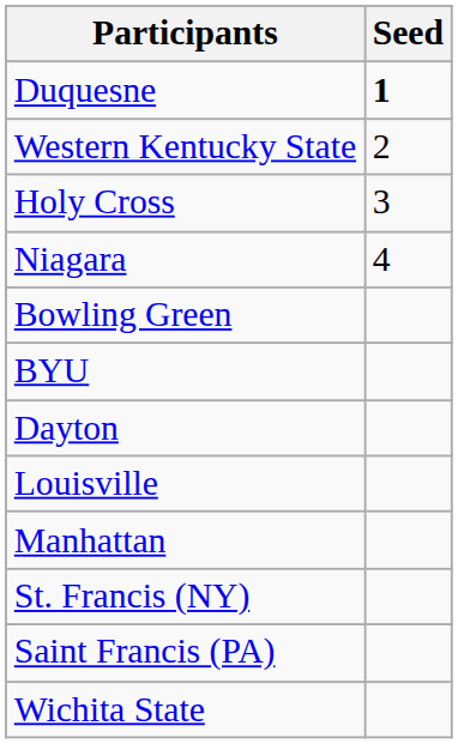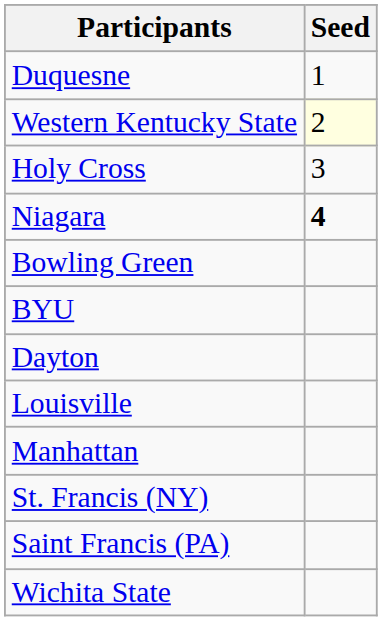 <table class="wikitable">
 <tr>
 <th>Participants</th>
 <th>Seed</th>
 </tr>
 <tr>
 <td><a href='#'>Duquesne</a></td>
-<td><strong>1</strong></td>
+<td>1</td>
 </tr>
 <tr>
 <td><a href='#'>Western Kentucky State</a></td>
-<td>2</td>
+<td style="background: lightyellow;">2</td>
 </tr>
 <tr>
 <td><a href='#'>Holy Cross</a></td>
 <td>3</td>
 </tr>
 <tr>
 <td><a href='#'>Niagara</a></td>
-<td>4</td>
+<td><strong>4</strong></td>
 </tr>
 <tr>
 <td><a href='#'>Bowling Green</a></td>
 <td></td>
 </tr>
 <tr>
 <td><a href='#'>BYU</a></td>
 <td></td>
 </tr>
 <tr>
 <td><a href='#'>Dayton</a></td>
 <td></td>
 </tr>
 <tr>
 <td><a href='#'>Louisville</a></td>
 <td></td>
 </tr>
 <tr>
 <td><a href='#'>Manhattan</a></td>
 <td></td>
 </tr>
 <tr>
 <td><a href='#'>St. Francis (NY)</a></td>
 <td></td>
 </tr>
 <tr>
 <td><a href='#'>Saint Francis (PA)</a></td>
 <td></td>
 </tr>
 <tr>
 <td><a href='#'>Wichita State</a></td>
 <td></td>
 </tr>
 </table>
